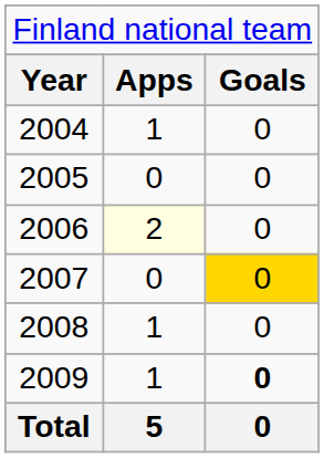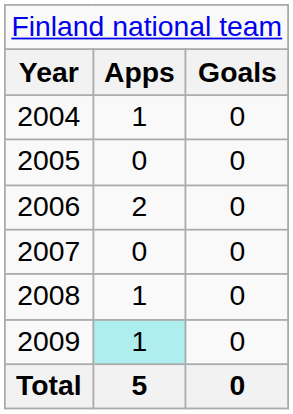 <table class="wikitable" style="text-align:center">
 <tr>
 <td colspan="3"><a href='#'>Finland national team</a></td>
 </tr>
 <tr>
 <th>Year</th>
 <th>Apps</th>
 <th>Goals</th>
 </tr>
 <tr>
 <td>2004</td>
 <td>1</td>
 <td>0</td>
 </tr>
 <tr>
 <td>2005</td>
 <td>0</td>
 <td>0</td>
 </tr>
 <tr>
 <td>2006</td>
-<td style="background: lightyellow;">2</td>
+<td>2</td>
 <td>0</td>
 </tr>
 <tr>
 <td>2007</td>
 <td>0</td>
-<td style="background: gold;">0</td>
+<td>0</td>
 </tr>
 <tr>
 <td>2008</td>
 <td>1</td>
 <td>0</td>
 </tr>
 <tr>
 <td>2009</td>
-<td>1</td>
-<td><strong>0</strong></td>
+<td style="background: paleturquoise;">1</td>
+<td>0</td>
 </tr>
 <tr>
 <th>Total</th>
 <th>5</th>
 <th>0</th>
 </tr>
 </table>
